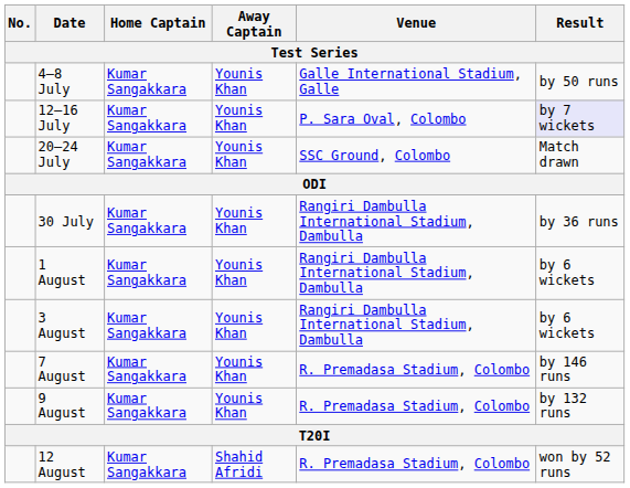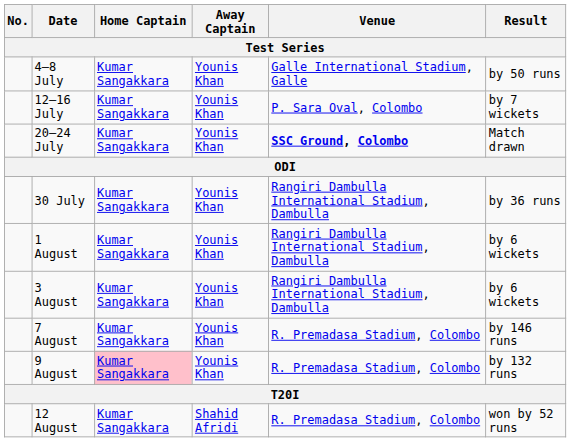 <table class="wikitable">
 <tr>
 <th>No.</th>
 <th>Date</th>
 <th>Home Captain</th>
 <th>Away Captain</th>
 <th>Venue</th>
 <th>Result</th>
 </tr>
 <tr>
 <th colspan="9">Test Series</th>
 </tr>
 <tr>
 <td></td>
 <td>4–8 July</td>
 <td><a href='#'>Kumar Sangakkara</a></td>
 <td><a href='#'>Younis Khan</a></td>
 <td><a href='#'>Galle International Stadium</a>, <a href='#'>Galle</a></td>
 <td> by 50 runs</td>
 </tr>
 <tr>
 <td></td>
 <td>12–16 July</td>
 <td><a href='#'>Kumar Sangakkara</a></td>
 <td><a href='#'>Younis Khan</a></td>
 <td><a href='#'>P. Sara Oval</a>, <a href='#'>Colombo</a></td>
-<td style="background: lavender;"> by 7 wickets</td>
+<td> by 7 wickets</td>
 </tr>
 <tr>
 <td></td>
 <td>20–24 July</td>
 <td><a href='#'>Kumar Sangakkara</a></td>
 <td><a href='#'>Younis Khan</a></td>
-<td><a href='#'>SSC Ground</a>, <a href='#'>Colombo</a></td>
+<td><strong><a href='#'>SSC Ground</a>, <a href='#'>Colombo</a></strong></td>
 <td>Match drawn</td>
 </tr>
 <tr>
 <th colspan="9">ODI</th>
 </tr>
 <tr>
 <td></td>
 <td>30 July</td>
 <td><a href='#'>Kumar Sangakkara</a></td>
 <td><a href='#'>Younis Khan</a></td>
 <td><a href='#'>Rangiri Dambulla International Stadium</a>, <a href='#'>Dambulla</a></td>
 <td> by 36 runs</td>
 </tr>
 <tr>
 <td></td>
 <td>1 August</td>
 <td><a href='#'>Kumar Sangakkara</a></td>
 <td><a href='#'>Younis Khan</a></td>
 <td><a href='#'>Rangiri Dambulla International Stadium</a>, <a href='#'>Dambulla</a></td>
 <td> by 6 wickets</td>
 </tr>
 <tr>
 <td></td>
 <td>3 August</td>
 <td><a href='#'>Kumar Sangakkara</a></td>
 <td><a href='#'>Younis Khan</a></td>
 <td><a href='#'>Rangiri Dambulla International Stadium</a>, <a href='#'>Dambulla</a></td>
 <td> by 6 wickets</td>
 </tr>
 <tr>
 <td></td>
 <td>7 August</td>
 <td><a href='#'>Kumar Sangakkara</a></td>
 <td><a href='#'>Younis Khan</a></td>
 <td><a href='#'>R. Premadasa Stadium</a>, <a href='#'>Colombo</a></td>
 <td> by 146 runs</td>
 </tr>
 <tr>
 <td></td>
 <td>9 August</td>
-<td><a href='#'>Kumar Sangakkara</a></td>
+<td style="background: pink;"><a href='#'>Kumar Sangakkara</a></td>
 <td><a href='#'>Younis Khan</a></td>
 <td><a href='#'>R. Premadasa Stadium</a>, <a href='#'>Colombo</a></td>
 <td> by 132 runs</td>
 </tr>
 <tr>
 <th colspan="9">T20I</th>
 </tr>
 <tr>
 <td></td>
 <td>12 August</td>
 <td><a href='#'>Kumar Sangakkara</a></td>
 <td><a href='#'>Shahid Afridi</a></td>
 <td><a href='#'>R. Premadasa Stadium</a>, <a href='#'>Colombo</a></td>
 <td> won by 52 runs</td>
 </tr>
 </table>
